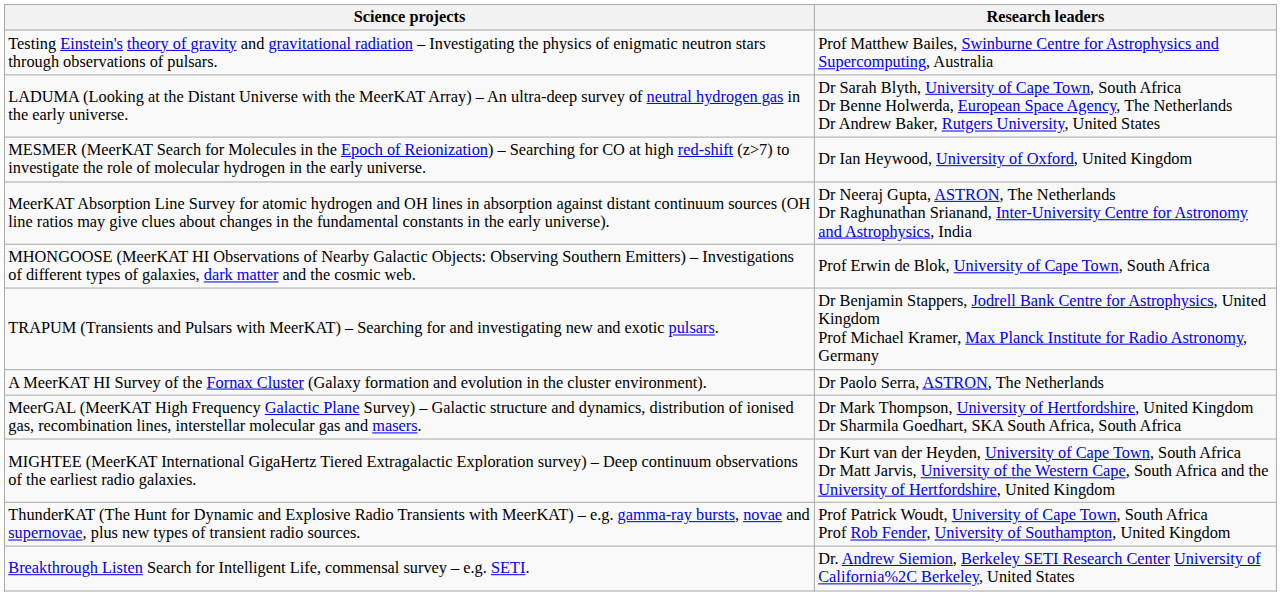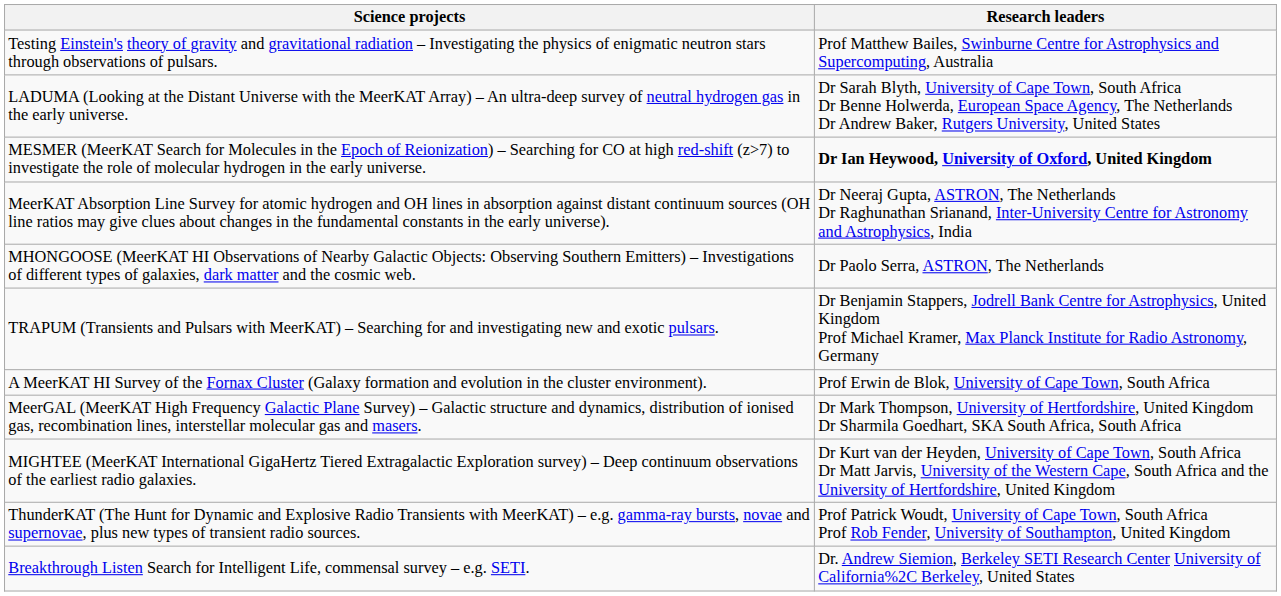 <table class="wikitable">
 <tr>
 <th>Science projects</th>
 <th>Research leaders</th>
 </tr>
 <tr>
 <td>Testing <a href='#'>Einstein's</a> <a href='#'>theory of gravity</a> and <a href='#'>gravitational radiation</a> – Investigating the physics of enigmatic neutron stars through observations of pulsars.</td>
 <td>Prof Matthew Bailes, <a href='#'>Swinburne Centre for Astrophysics and Supercomputing</a>, Australia</td>
 </tr>
 <tr>
 <td>LADUMA (Looking at the Distant Universe with the MeerKAT Array) – An ultra-deep survey of <a href='#'>neutral hydrogen gas</a> in the early universe.</td>
 <td>Dr Sarah Blyth, <a href='#'>University of Cape Town</a>, South Africa<br>Dr Benne Holwerda, <a href='#'>European Space Agency</a>, The Netherlands<br>Dr Andrew Baker, <a href='#'>Rutgers University</a>, United States</td>
 </tr>
 <tr>
 <td>MESMER (MeerKAT Search for Molecules in the <a href='#'>Epoch of Reionization</a>) – Searching for CO at high <a href='#'>red-shift</a> (z>7) to investigate the role of molecular hydrogen in the early universe.</td>
-<td>Dr Ian Heywood, <a href='#'>University of Oxford</a>, United Kingdom</td>
+<td><strong>Dr Ian Heywood, <a href='#'>University of Oxford</a>, United Kingdom</strong></td>
 </tr>
 <tr>
 <td>MeerKAT Absorption Line Survey for atomic hydrogen and OH lines in absorption against distant continuum sources (OH line ratios may give clues about changes in the fundamental constants in the early universe).</td>
 <td>Dr Neeraj Gupta, <a href='#'>ASTRON</a>, The Netherlands<br>Dr Raghunathan Srianand, <a href='#'>Inter-University Centre for Astronomy and Astrophysics</a>, India</td>
 </tr>
 <tr>
 <td>MHONGOOSE (MeerKAT HI Observations of Nearby Galactic Objects: Observing Southern Emitters) – Investigations of different types of galaxies, <a href='#'>dark matter</a> and the cosmic web.</td>
-<td>Prof Erwin de Blok, <a href='#'>University of Cape Town</a>, South Africa</td>
+<td>Dr Paolo Serra, <a href='#'>ASTRON</a>, The Netherlands</td>
 </tr>
 <tr>
 <td>TRAPUM (Transients and Pulsars with MeerKAT) – Searching for and investigating new and exotic <a href='#'>pulsars</a>.</td>
 <td>Dr Benjamin Stappers, <a href='#'>Jodrell Bank Centre for Astrophysics</a>, United Kingdom<br>Prof Michael Kramer, <a href='#'>Max Planck Institute for Radio Astronomy</a>, Germany</td>
 </tr>
 <tr>
 <td>A MeerKAT HI Survey of the <a href='#'>Fornax Cluster</a> (Galaxy formation and evolution in the cluster environment).</td>
-<td>Dr Paolo Serra, <a href='#'>ASTRON</a>, The Netherlands</td>
+<td>Prof Erwin de Blok, <a href='#'>University of Cape Town</a>, South Africa</td>
 </tr>
 <tr>
 <td>MeerGAL (MeerKAT High Frequency <a href='#'>Galactic Plane</a> Survey) – Galactic structure and dynamics, distribution of ionised gas, recombination lines, interstellar molecular gas and <a href='#'>masers</a>.</td>
 <td>Dr Mark Thompson, <a href='#'>University of Hertfordshire</a>, United Kingdom<br>Dr Sharmila Goedhart, SKA South Africa, South Africa</td>
 </tr>
 <tr>
 <td>MIGHTEE (MeerKAT International GigaHertz Tiered Extragalactic Exploration survey) – Deep continuum observations of the earliest radio galaxies.</td>
 <td>Dr Kurt van der Heyden, <a href='#'>University of Cape Town</a>, South Africa<br>Dr Matt Jarvis, <a href='#'>University of the Western Cape</a>, South Africa and the <a href='#'>University of Hertfordshire</a>, United Kingdom</td>
 </tr>
 <tr>
 <td>ThunderKAT (The Hunt for Dynamic and Explosive Radio Transients with MeerKAT) – e.g. <a href='#'>gamma-ray bursts</a>, <a href='#'>novae</a> and <a href='#'>supernovae</a>, plus new types of transient radio sources.</td>
 <td>Prof Patrick Woudt, <a href='#'>University of Cape Town</a>, South Africa<br>Prof <a href='#'>Rob Fender</a>, <a href='#'>University of Southampton</a>, United Kingdom</td>
 </tr>
 <tr>
 <td><a href='#'>Breakthrough Listen</a> Search for Intelligent Life, commensal survey  – e.g. <a href='#'>SETI</a>.</td>
 <td>Dr. <a href='#'>Andrew Siemion</a>, <a href='#'>Berkeley SETI Research Center</a> <a href='#'>University of California%2C Berkeley</a>, United States</td>
 </tr>
 </table>
